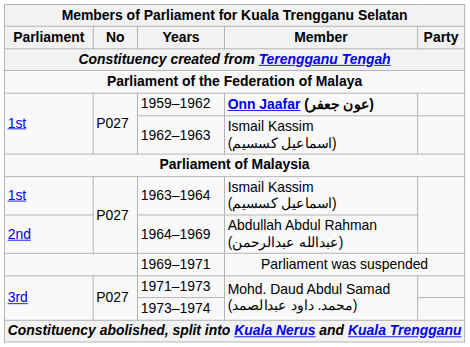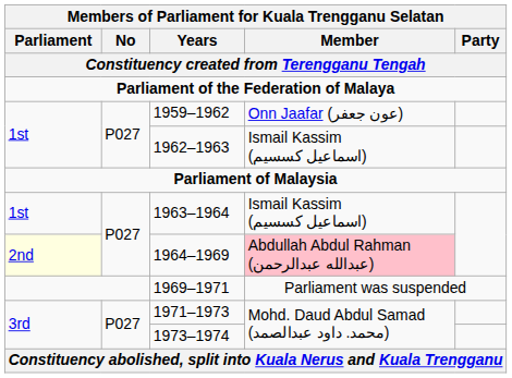 <table class=wikitable>
 <tr>
 <th colspan="5">Members of Parliament for Kuala Trengganu Selatan</th>
 </tr>
 <tr>
 <th>Parliament</th>
 <th>No</th>
 <th>Years</th>
 <th>Member</th>
 <th>Party</th>
 </tr>
 <tr>
 <th colspan="5" align="center"><em>Constituency created from <a href='#'>Terengganu Tengah</a></em></th>
 </tr>
 <tr>
 <td colspan="5" align="center"><strong>Parliament of the Federation of Malaya</strong></td>
 </tr>
 <tr>
 <td rowspan=2><a href='#'>1st</a></td>
 <td rowspan="2">P027</td>
 <td>1959–1962</td>
-<td><strong><a href='#'>Onn Jaafar</a> (عون جعفر)</strong></td>
+<td><a href='#'>Onn Jaafar</a> (عون جعفر)</td>
 <td></td>
 </tr>
 <tr>
 <td>1962–1963</td>
 <td>Ismail Kassim  <br>(اسماعيل كسسيم)</td>
 <td></td>
 </tr>
 <tr>
 <td colspan="5" align="center"><strong>Parliament of Malaysia</strong></td>
 </tr>
 <tr>
 <td><a href='#'>1st</a></td>
 <td rowspan="2">P027</td>
 <td>1963–1964</td>
 <td>Ismail Kassim  <br>(اسماعيل كسسيم)</td>
 <td rowspan=2></td>
 </tr>
 <tr>
-<td><a href='#'>2nd</a></td>
+<td style="background: lightyellow;"><a href='#'>2nd</a></td>
 <td>1964–1969</td>
-<td>Abdullah Abdul Rahman  <br>(عبدالله عبدالرحمن)</td>
+<td style="background: pink;">Abdullah Abdul Rahman  <br>(عبدالله عبدالرحمن)</td>
 </tr>
 <tr>
 <td colspan="2"></td>
 <td>1969–1971</td>
 <td colspan="2" align="center">Parliament was suspended</td>
 </tr>
 <tr>
 <td rowspan=2><a href='#'>3rd</a></td>
 <td rowspan="2">P027</td>
 <td>1971–1973</td>
 <td rowspan="2">Mohd. Daud Abdul Samad <br>(محمد. داود عبدالصمد)</td>
 <td></td>
 </tr>
 <tr>
 <td>1973–1974</td>
 <td></td>
 </tr>
 <tr>
 <th colspan="5" align="center"><em>Constituency abolished, split into <a href='#'>Kuala Nerus</a> and <a href='#'>Kuala Trengganu</a></em></th>
 </tr>
 </table>
